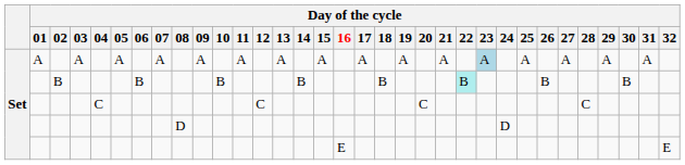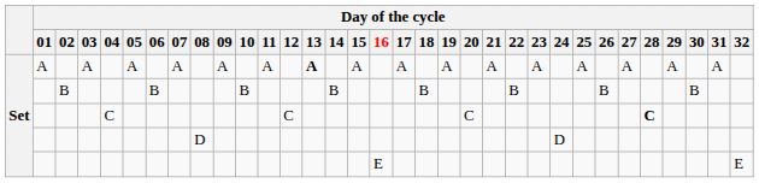 <table class="wikitable">
 <tr>
 <th rowspan="2"></th>
 <th colspan="32">Day of the cycle</th>
 </tr>
 <tr>
 <th>01</th>
 <th>02</th>
 <th>03</th>
 <th>04</th>
 <th>05</th>
 <th>06</th>
 <th>07</th>
 <th>08</th>
 <th>09</th>
 <th>10</th>
 <th>11</th>
 <th>12</th>
 <th>13</th>
 <th>14</th>
 <th>15</th>
 <th style="color:red;">16</th>
 <th>17</th>
 <th>18</th>
 <th>19</th>
 <th>20</th>
 <th>21</th>
 <th>22</th>
 <th>23</th>
 <th>24</th>
 <th>25</th>
 <th>26</th>
 <th>27</th>
 <th>28</th>
 <th>29</th>
 <th>30</th>
 <th>31</th>
 <th>32</th>
 </tr>
 <tr>
 <th rowspan="5">Set</th>
 <td>A</td>
 <td></td>
 <td>A</td>
 <td></td>
 <td>A</td>
 <td></td>
 <td>A</td>
 <td></td>
 <td>A</td>
 <td></td>
 <td>A</td>
 <td></td>
+<td><strong>A</strong></td>
+<td></td>
 <td>A</td>
 <td></td>
 <td>A</td>
 <td></td>
 <td>A</td>
 <td></td>
 <td>A</td>
 <td></td>
 <td>A</td>
-<td></td>
-<td style="background: lightblue;">A</td>
 <td></td>
 <td>A</td>
 <td></td>
 <td>A</td>
 <td></td>
 <td>A</td>
 <td></td>
 <td>A</td>
 <td></td>
 </tr>
 <tr>
 <td></td>
 <td>B</td>
 <td></td>
 <td></td>
 <td></td>
 <td>B</td>
 <td></td>
 <td></td>
 <td></td>
 <td>B</td>
 <td></td>
 <td></td>
 <td></td>
 <td>B</td>
 <td></td>
 <td></td>
 <td></td>
 <td>B</td>
 <td></td>
 <td></td>
 <td></td>
-<td style="background: paleturquoise;">B</td>
+<td>B</td>
 <td></td>
 <td></td>
 <td></td>
 <td>B</td>
 <td></td>
 <td></td>
 <td></td>
 <td>B</td>
 <td></td>
 <td></td>
 </tr>
 <tr>
 <td></td>
 <td></td>
 <td></td>
 <td>C </td>
 <td></td>
 <td></td>
 <td></td>
 <td></td>
 <td></td>
 <td></td>
 <td></td>
 <td>C </td>
 <td></td>
 <td></td>
 <td></td>
 <td></td>
 <td></td>
 <td></td>
 <td></td>
 <td>C </td>
 <td></td>
 <td></td>
 <td></td>
 <td></td>
 <td></td>
 <td></td>
 <td></td>
-<td>C </td>
+<td><strong>C </strong></td>
 <td></td>
 <td></td>
 <td></td>
 <td></td>
 </tr>
 <tr>
 <td></td>
 <td></td>
 <td></td>
 <td></td>
 <td></td>
 <td></td>
 <td></td>
 <td>D </td>
 <td></td>
 <td></td>
 <td></td>
 <td></td>
 <td></td>
 <td></td>
 <td></td>
 <td></td>
 <td></td>
 <td></td>
 <td></td>
 <td></td>
 <td></td>
 <td></td>
 <td></td>
 <td>D </td>
 <td></td>
 <td></td>
 <td></td>
 <td></td>
 <td></td>
 <td></td>
 <td></td>
 <td></td>
 </tr>
 <tr>
 <td></td>
 <td></td>
 <td></td>
 <td></td>
 <td></td>
 <td></td>
 <td></td>
 <td></td>
 <td></td>
 <td></td>
 <td></td>
 <td></td>
 <td></td>
 <td></td>
 <td></td>
 <td>E  </td>
 <td></td>
 <td></td>
 <td></td>
 <td></td>
 <td></td>
 <td></td>
 <td></td>
 <td></td>
 <td></td>
 <td></td>
 <td></td>
 <td></td>
 <td></td>
 <td></td>
 <td></td>
 <td>E </td>
 </tr>
 </table>
